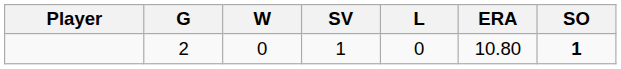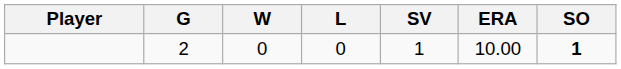 <table class="wikitable sortable">
 <tr>
 <th bgcolor="#DDDDFF" width="16%">Player</th>
 <th bgcolor="#DDDDFF" width="9%">G</th>
 <th bgcolor="#DDDDFF" width="9%">W</th>
+<th bgcolor="#DDDDFF" width="9%">L</th>
 <th bgcolor="#DDDDFF" width="9%">SV</th>
-<th bgcolor="#DDDDFF" width="9%">L</th>
 <th bgcolor="#DDDDFF" width="9%">ERA</th>
 <th bgcolor="#DDDDFF" width="9%">SO</th>
 </tr>
 <tr align="center">
 <td></td>
 <td>2</td>
 <td>0</td>
+<td>0</td>
 <td>1</td>
-<td>0</td>
-<td>10.80</td>
+<td>10.00</td>
 <td><strong>1</strong></td>
 </tr>
 </table>
